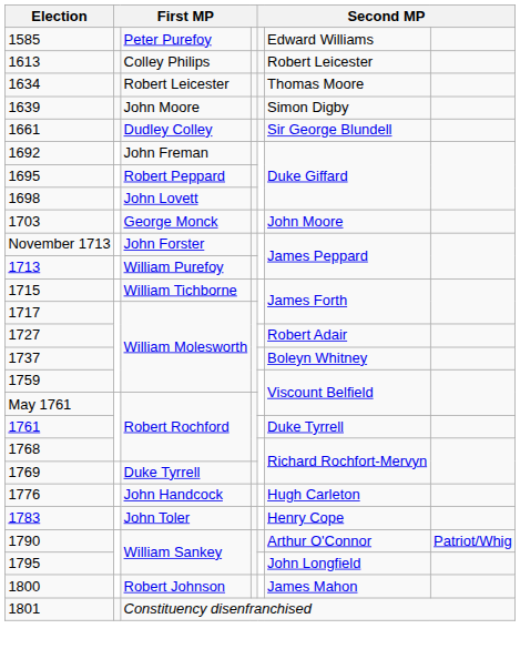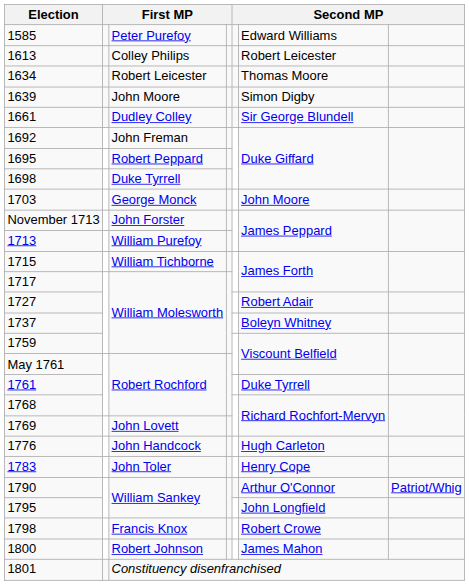 <table class="wikitable">
 <tr>
 <th>Election</th>
 <th colspan=3>First MP</th>
 <th colspan=3>Second MP</th>
 </tr>
 <tr>
 <td>1585</td>
 <td></td>
 <td><a href='#'>Peter Purefoy</a></td>
 <td></td>
 <td></td>
 <td>Edward Williams</td>
 <td></td>
 </tr>
 <tr>
 <td>1613</td>
 <td></td>
 <td>Colley Philips</td>
 <td></td>
 <td></td>
 <td>Robert Leicester</td>
 <td></td>
 </tr>
 <tr>
 <td>1634</td>
 <td></td>
 <td>Robert Leicester</td>
 <td></td>
 <td></td>
 <td>Thomas Moore</td>
 <td></td>
 </tr>
 <tr>
 <td>1639</td>
 <td></td>
 <td>John Moore</td>
 <td></td>
 <td></td>
 <td>Simon Digby</td>
 <td></td>
 </tr>
 <tr>
 <td>1661</td>
 <td></td>
 <td><a href='#'>Dudley Colley</a></td>
 <td></td>
 <td></td>
 <td><a href='#'>Sir George Blundell</a></td>
 <td></td>
 </tr>
 <tr>
 <td>1692</td>
 <td style="background-color: white"></td>
 <td>John Freman</td>
 <td></td>
 <td rowspan="3" style="background-color: white"></td>
 <td rowspan="3"><a href='#'>Duke Giffard</a></td>
 <td rowspan="3"></td>
 </tr>
 <tr>
 <td>1695</td>
 <td style="background-color: white"></td>
 <td><a href='#'>Robert Peppard</a></td>
 <td></td>
 </tr>
 <tr>
 <td>1698</td>
 <td style="background-color: white"></td>
-<td><a href='#'>John Lovett</a></td>
+<td><a href='#'>Duke Tyrrell</a></td>
 <td></td>
 </tr>
 <tr>
 <td>1703</td>
 <td style="background-color: white"></td>
 <td><a href='#'>George Monck</a></td>
 <td></td>
 <td style="background-color: white"></td>
 <td><a href='#'>John Moore</a></td>
 <td></td>
 </tr>
 <tr>
 <td>November 1713</td>
 <td style="background-color: white"></td>
 <td><a href='#'>John Forster</a></td>
 <td></td>
 <td rowspan="2" style="background-color: white"></td>
 <td rowspan="2"><a href='#'>James Peppard</a></td>
 <td rowspan="2"></td>
 </tr>
 <tr>
 <td><a href='#'>1713</a></td>
 <td style="background-color: white"></td>
 <td><a href='#'>William Purefoy</a></td>
 <td></td>
 </tr>
 <tr>
 <td>1715</td>
 <td style="background-color: white"></td>
 <td><a href='#'>William Tichborne</a></td>
 <td></td>
 <td rowspan="2" style="background-color: white"></td>
 <td rowspan="2"><a href='#'>James Forth</a></td>
 <td rowspan="2"></td>
 </tr>
 <tr>
 <td>1717</td>
 <td rowspan="4" style="background-color: white"></td>
 <td rowspan="4"><a href='#'>William Molesworth</a></td>
 <td rowspan="4"></td>
 </tr>
 <tr>
 <td>1727</td>
 <td style="background-color: white"></td>
 <td><a href='#'>Robert Adair</a></td>
 <td></td>
 </tr>
 <tr>
 <td>1737</td>
 <td style="background-color: white"></td>
 <td><a href='#'>Boleyn Whitney</a></td>
 <td></td>
 </tr>
 <tr>
 <td>1759</td>
 <td rowspan="2" style="background-color: white"></td>
 <td rowspan="2"><a href='#'>Viscount Belfield</a></td>
 <td rowspan="2"></td>
 </tr>
 <tr>
 <td>May 1761</td>
 <td rowspan="3" style="background-color: white"></td>
 <td rowspan="3"><a href='#'>Robert Rochford</a></td>
 <td rowspan="3"></td>
 </tr>
 <tr>
 <td><a href='#'>1761</a></td>
 <td style="background-color: white"></td>
 <td><a href='#'>Duke Tyrrell</a></td>
 <td></td>
 </tr>
 <tr>
 <td>1768</td>
 <td rowspan="2" style="background-color: white"></td>
 <td rowspan="2"><a href='#'>Richard Rochfort-Mervyn</a></td>
 <td rowspan="2"></td>
 </tr>
 <tr>
 <td>1769</td>
 <td style="background-color: white"></td>
-<td><a href='#'>Duke Tyrrell</a></td>
+<td><a href='#'>John Lovett</a></td>
 <td></td>
 </tr>
 <tr>
 <td>1776</td>
 <td style="background-color: white"></td>
 <td><a href='#'>John Handcock</a></td>
 <td></td>
 <td style="background-color: white"></td>
 <td><a href='#'>Hugh Carleton</a></td>
 <td></td>
 </tr>
 <tr>
 <td><a href='#'>1783</a></td>
 <td style="background-color: white"></td>
 <td><a href='#'>John Toler</a></td>
 <td></td>
 <td style="background-color: white"></td>
 <td><a href='#'>Henry Cope</a></td>
 <td></td>
 </tr>
 <tr>
 <td>1790</td>
 <td rowspan="2" style="background-color: white"></td>
 <td rowspan="2"><a href='#'>William Sankey</a></td>
 <td rowspan="2"></td>
 <td style="background-color: "></td>
 <td><a href='#'>Arthur O'Connor</a></td>
 <td><a href='#'>Patriot/Whig</a></td>
 </tr>
 <tr>
 <td>1795</td>
 <td style="background-color: white"></td>
 <td><a href='#'>John Longfield</a></td>
 <td></td>
 </tr>
 <tr>
+<td>1798</td>
+<td style="background-color: white"></td>
+<td><a href='#'>Francis Knox</a></td>
+<td></td>
+<td style="background-color: white"></td>
+<td><a href='#'>Robert Crowe</a></td>
+<td></td>
+</tr>
+<tr>
 <td>1800</td>
 <td style="background-color: white"></td>
 <td><a href='#'>Robert Johnson</a></td>
 <td></td>
 <td style="background-color: white"></td>
 <td><a href='#'>James Mahon</a></td>
 <td></td>
 </tr>
 <tr>
 <td>1801</td>
 <td></td>
 <td colspan = "5"><em>Constituency disenfranchised</em></td>
 </tr>
 </table>
